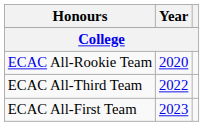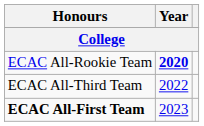 <table class="wikitable">
 <tr>
 <th>Honours</th>
 <th>Year</th>
 <th></th>
 </tr>
 <tr>
 </tr>
 <tr>
 <th colspan="3"><a href='#'>College</a></th>
 </tr>
 <tr>
 <td><a href='#'>ECAC</a> All-Rookie Team</td>
-<td><a href='#'>2020</a></td>
+<td><strong><a href='#'>2020</a></strong></td>
 <td></td>
 </tr>
 <tr>
 <td>ECAC All-Third Team</td>
 <td><a href='#'>2022</a></td>
 <td></td>
 </tr>
 <tr>
-<td>ECAC All-First Team</td>
+<td><strong>ECAC All-First Team</strong></td>
 <td><a href='#'>2023</a></td>
 <td></td>
 </tr>
 </table>
